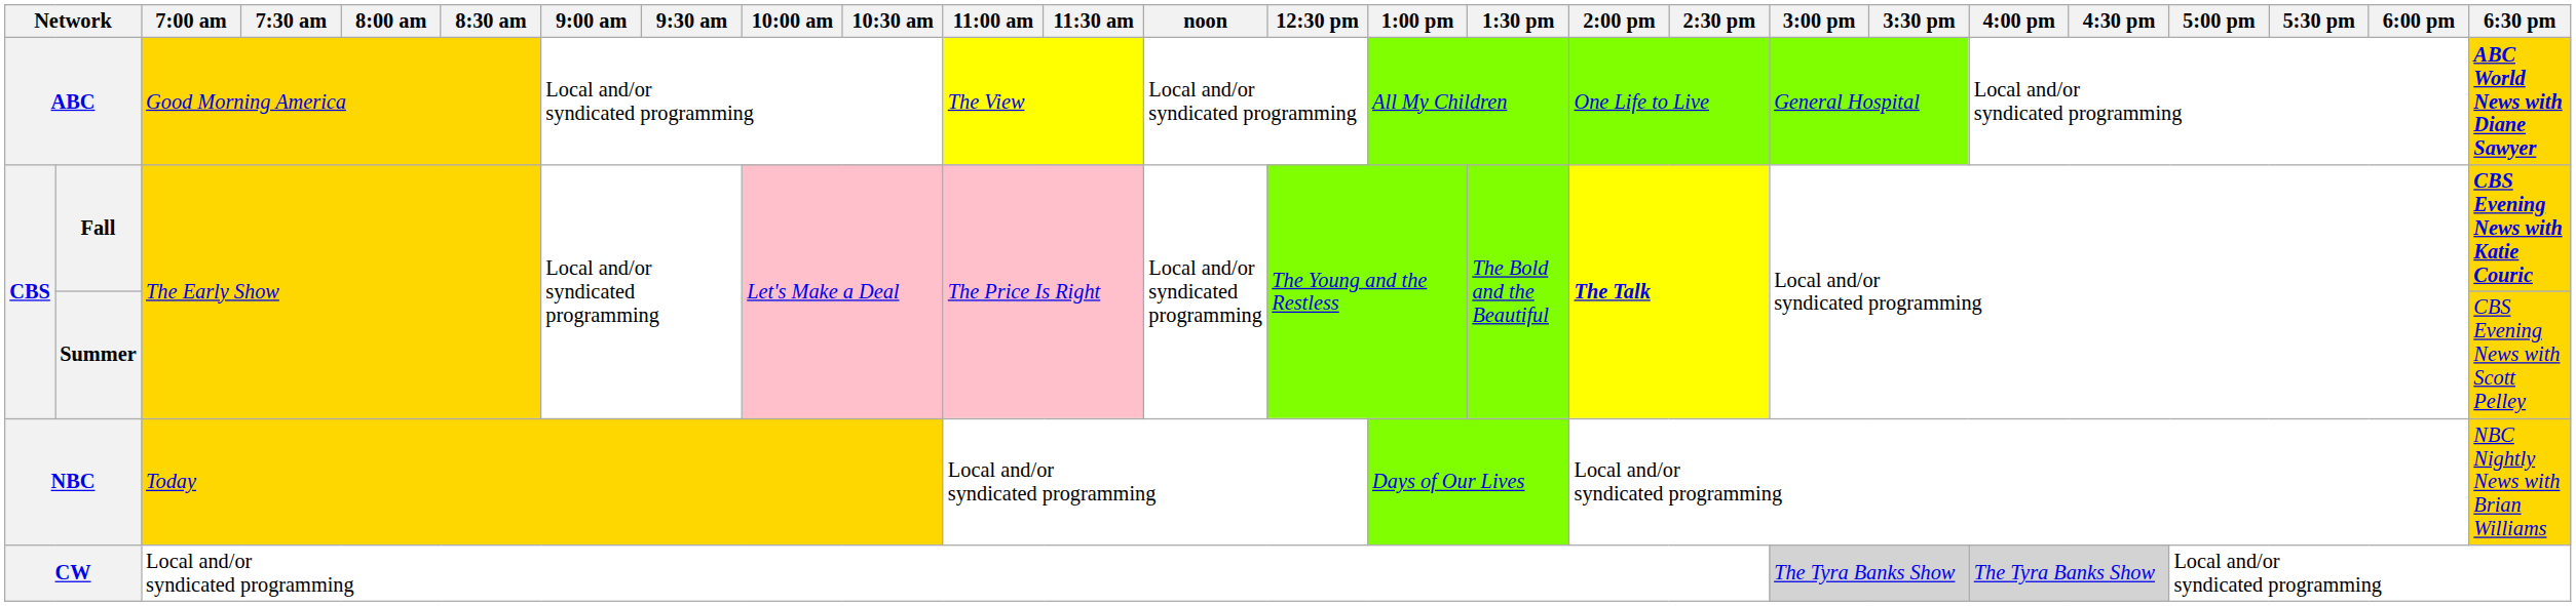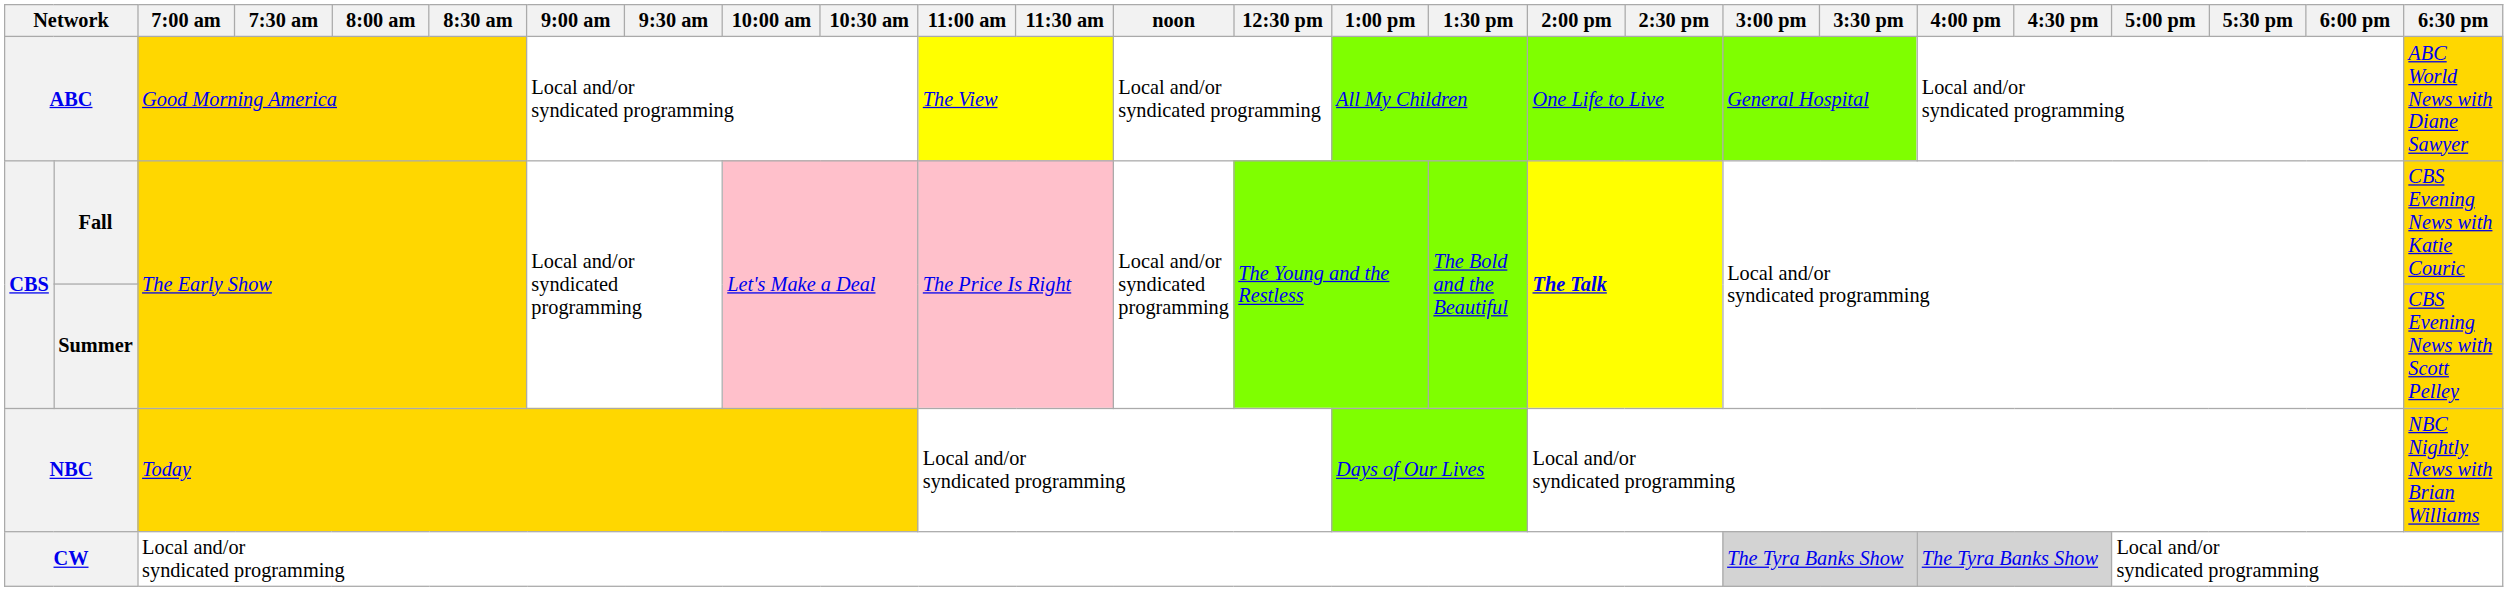 <table class=wikitable>
 <tr>
 <th width="1.5%" bgcolor="#C0C0C0" colspan="2">Network</th>
 <th width="4%" bgcolor="#C0C0C0">7:00 am</th>
 <th width="4%" bgcolor="#C0C0C0">7:30 am</th>
 <th width="4%" bgcolor="#C0C0C0">8:00 am</th>
 <th width="4%" bgcolor="#C0C0C0">8:30 am</th>
 <th width="4%" bgcolor="#C0C0C0">9:00 am</th>
 <th width="4%" bgcolor="#C0C0C0">9:30 am</th>
 <th width="4%" bgcolor="#C0C0C0">10:00 am</th>
 <th width="4%" bgcolor="#C0C0C0">10:30 am</th>
 <th width="4%" bgcolor="#C0C0C0">11:00 am</th>
 <th width="4%" bgcolor="#C0C0C0">11:30 am</th>
 <th width="4%" bgcolor="#C0C0C0">noon</th>
 <th width="4%" bgcolor="#C0C0C0">12:30 pm</th>
 <th width="4%" bgcolor="#C0C0C0">1:00 pm</th>
 <th width="4%" bgcolor="#C0C0C0">1:30 pm</th>
 <th width="4%" bgcolor="#C0C0C0">2:00 pm</th>
 <th width="4%" bgcolor="#C0C0C0">2:30 pm</th>
 <th width="4%" bgcolor="#C0C0C0">3:00 pm</th>
 <th width="4%" bgcolor="#C0C0C0">3:30 pm</th>
 <th width="4%" bgcolor="#C0C0C0">4:00 pm</th>
 <th width="4%" bgcolor="#C0C0C0">4:30 pm</th>
 <th width="4%" bgcolor="#C0C0C0">5:00 pm</th>
 <th width="4%" bgcolor="#C0C0C0">5:30 pm</th>
 <th width="4%" bgcolor="#C0C0C0">6:00 pm</th>
 <th width="4%" bgcolor="#C0C0C0">6:30 pm</th>
 </tr>
 <tr>
 <th bgcolor="#C0C0C0" colspan="2"><a href='#'>ABC</a></th>
 <td bgcolor="gold" colspan="4"><em><a href='#'>Good Morning America</a></em></td>
 <td bgcolor="white" colspan="4">Local and/or<br>syndicated programming</td>
 <td bgcolor="yellow" colspan="2"><em><a href='#'>The View</a></em></td>
 <td bgcolor="white" colspan="2">Local and/or<br>syndicated programming</td>
 <td bgcolor="chartreuse" colspan="2"><em><a href='#'>All My Children</a></em></td>
 <td bgcolor="chartreuse" colspan="2"><em><a href='#'>One Life to Live</a></em></td>
 <td bgcolor="chartreuse" colspan="2"><em><a href='#'>General Hospital</a></em></td>
 <td bgcolor="white" colspan="5">Local and/or<br>syndicated programming</td>
-<td bgcolor="gold"><strong><em><a href='#'>ABC World News with Diane Sawyer</a></em></strong></td>
+<td bgcolor="gold"><em><a href='#'>ABC World News with Diane Sawyer</a></em></td>
 </tr>
 <tr>
 <th bgcolor="#C0C0C0" rowspan="2"><a href='#'>CBS</a></th>
 <th>Fall</th>
 <td bgcolor="gold" colspan="4" rowspan="2"><em><a href='#'>The Early Show</a></em></td>
 <td bgcolor="white" colspan="2" rowspan="2">Local and/or<br>syndicated programming</td>
 <td bgcolor="pink" colspan="2" rowspan="2"><em><a href='#'>Let's Make a Deal</a></em></td>
 <td bgcolor="pink" colspan="2" rowspan="2"><em><a href='#'>The Price Is Right</a></em></td>
 <td bgcolor="white" rowspan="2">Local and/or<br>syndicated programming</td>
 <td bgcolor="chartreuse" colspan="2" rowspan="2"><em><a href='#'>The Young and the Restless</a></em></td>
 <td bgcolor="chartreuse" rowspan="2"><em><a href='#'>The Bold and the Beautiful</a></em></td>
 <td bgcolor="yellow" colspan="2" rowspan="2"><strong><em><a href='#'>The Talk</a></em></strong></td>
 <td bgcolor="white" colspan="7" rowspan="2">Local and/or<br>syndicated programming</td>
-<td bgcolor="gold" rowspan=1><strong><em><a href='#'>CBS Evening News with Katie Couric</a></em></strong></td>
+<td bgcolor="gold" rowspan=1><em><a href='#'>CBS Evening News with Katie Couric</a></em></td>
 </tr>
 <tr>
 <th>Summer</th>
 <td bgcolor="gold"><em><a href='#'>CBS Evening News with Scott Pelley</a></em></td>
 </tr>
 <tr>
 <th bgcolor="#C0C0C0" colspan="2"><a href='#'>NBC</a></th>
 <td bgcolor="gold" colspan="8"><em><a href='#'>Today</a></em></td>
 <td bgcolor="white" colspan="4">Local and/or<br>syndicated programming</td>
 <td bgcolor="chartreuse" colspan="2"><em><a href='#'>Days of Our Lives</a></em></td>
 <td bgcolor="white" colspan="9">Local and/or<br>syndicated programming</td>
 <td bgcolor="gold"><em><a href='#'>NBC Nightly News with Brian Williams</a></em></td>
 </tr>
 <tr>
 <th bgcolor="#C0C0C0" colspan="2"><a href='#'>CW</a></th>
 <td bgcolor="white" colspan="16">Local and/or<br>syndicated programming</td>
 <td bgcolor="lightgray" colspan="2"><em><a href='#'>The Tyra Banks Show</a></em> </td>
 <td bgcolor="lightgray" colspan="2"><em><a href='#'>The Tyra Banks Show</a></em> </td>
 <td bgcolor="white" colspan="4">Local and/or<br>syndicated programming</td>
 </tr>
 </table>
